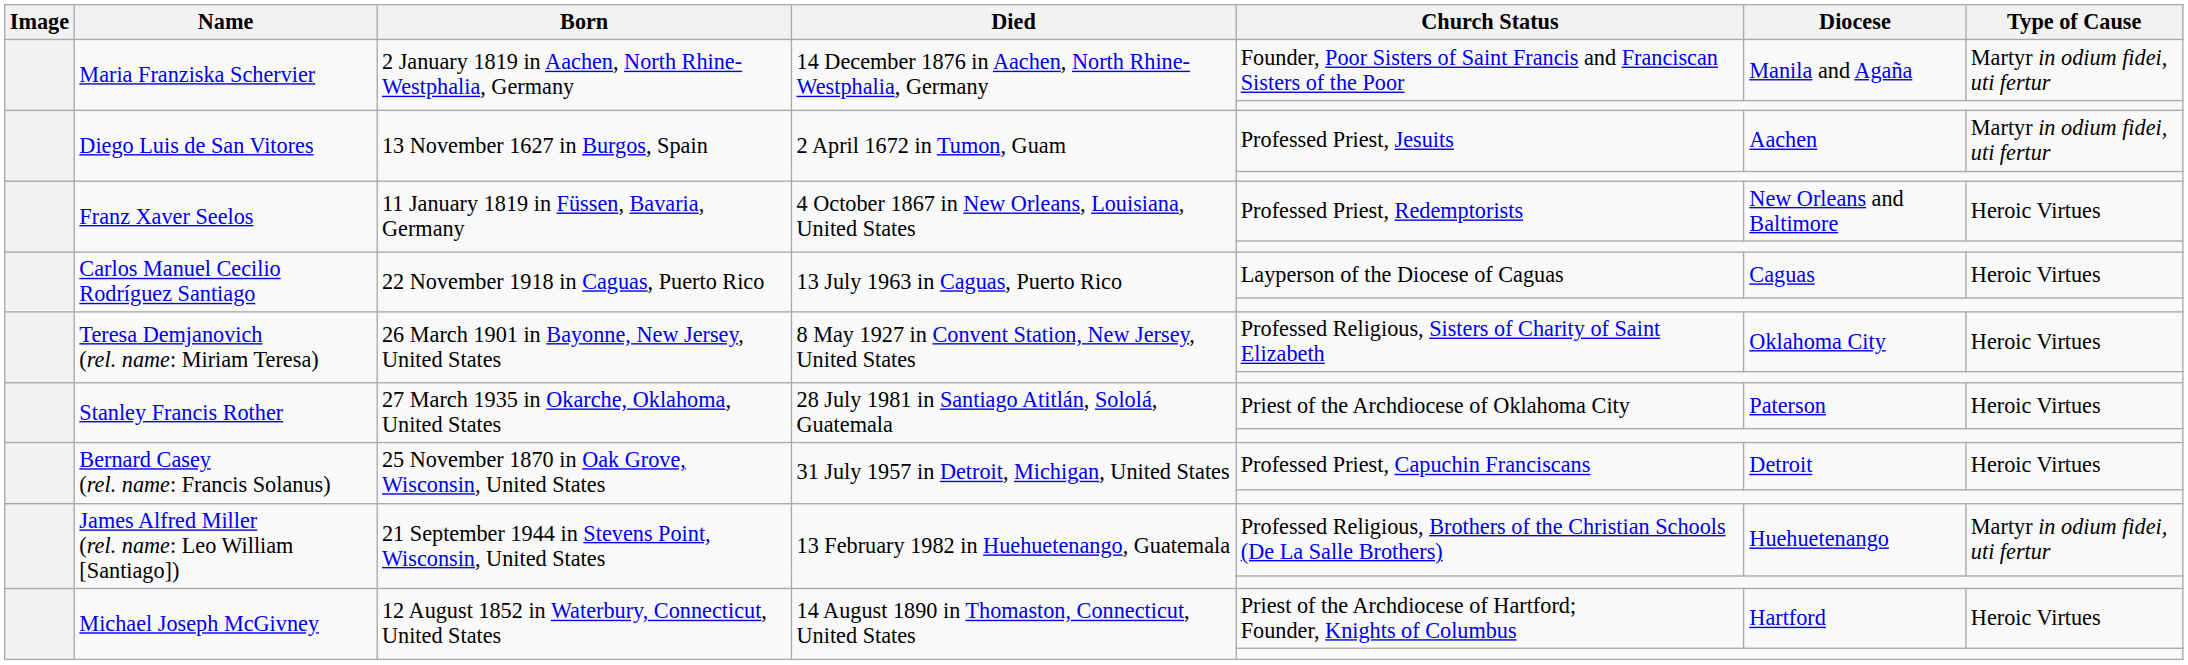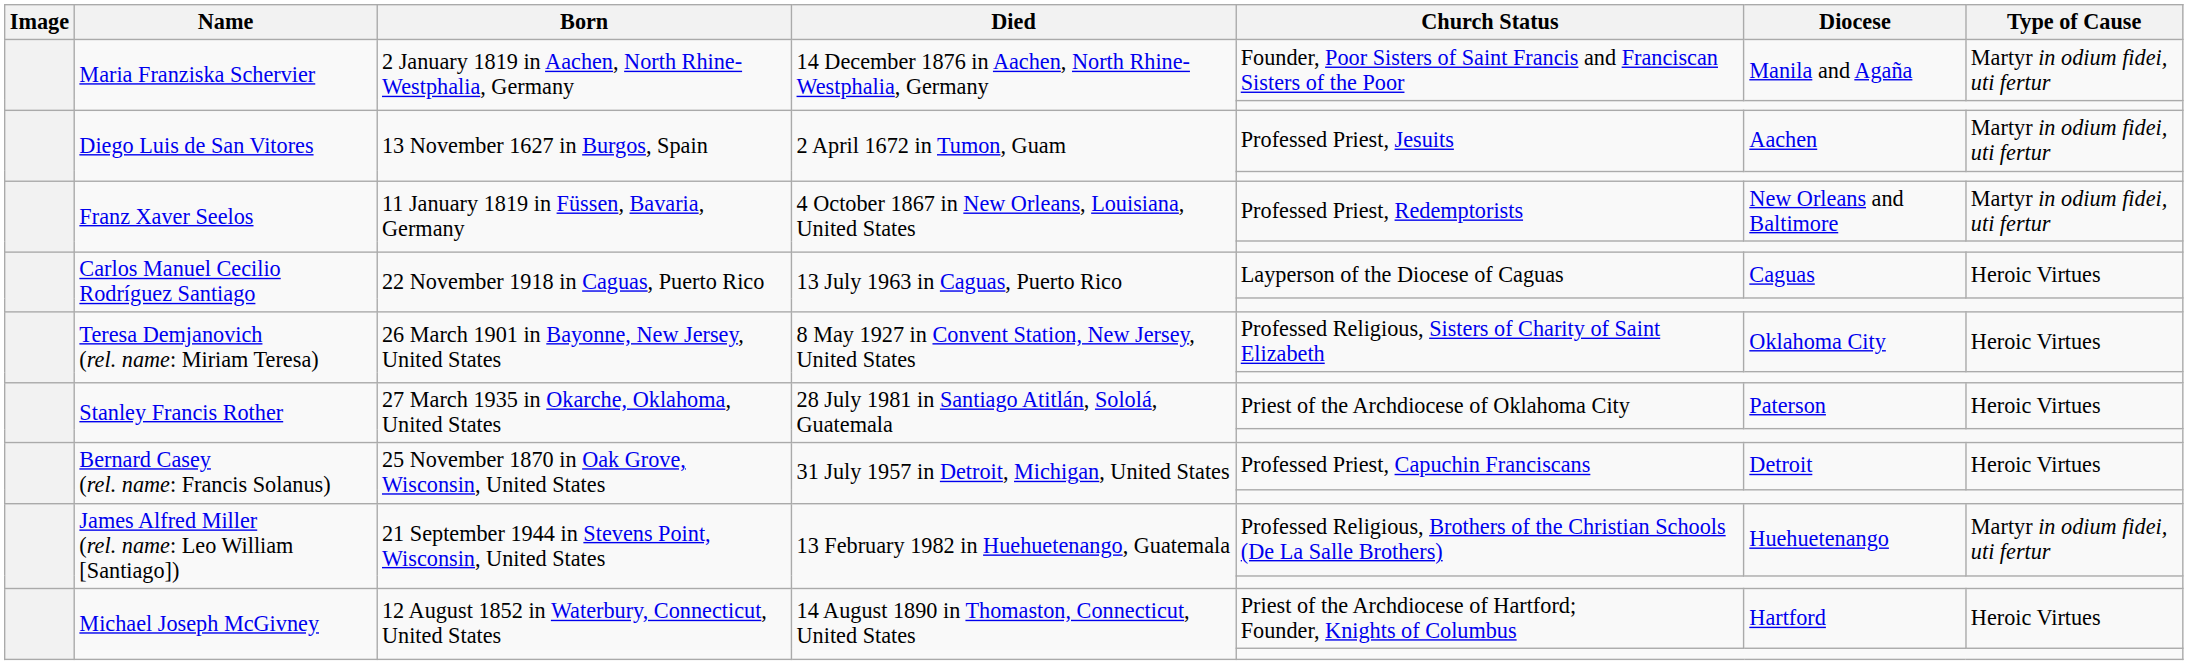 <table class="wikitable">
 <tr>
 <th class="unportable">Image</th>
 <th>Name</th>
 <th>Born</th>
 <th>Died</th>
 <th>Church Status</th>
 <th>Diocese</th>
 <th>Type of Cause</th>
 </tr>
 <tr>
 <th scope="row" rowspan="2"></th>
 <td rowspan="2"><a href='#'>Maria Franziska Schervier</a></td>
 <td rowspan="2">2 January 1819 in <a href='#'>Aachen</a>, <a href='#'>North Rhine-Westphalia</a>, Germany</td>
 <td rowspan="2">14 December 1876 in <a href='#'>Aachen</a>, <a href='#'>North Rhine-Westphalia</a>, Germany</td>
 <td>Founder, <a href='#'>Poor Sisters of Saint Francis</a> and <a href='#'>Franciscan Sisters of the Poor</a></td>
 <td><a href='#'>Manila</a> and <a href='#'>Agaña</a></td>
 <td>Martyr <em>in odium fidei, uti fertur</em></td>
 </tr>
 <tr>
 <td colspan="3"></td>
 </tr>
 <tr>
 <th scope="row" rowspan="2"></th>
 <td rowspan="2"><a href='#'>Diego Luis de San Vitores</a></td>
 <td rowspan="2">13 November 1627 in <a href='#'>Burgos</a>, Spain</td>
 <td rowspan="2">2 April 1672 in <a href='#'>Tumon</a>, Guam</td>
 <td>Professed Priest, <a href='#'>Jesuits</a></td>
 <td><a href='#'>Aachen</a></td>
 <td>Martyr <em>in odium fidei, uti fertur</em></td>
 </tr>
 <tr>
 <td colspan="3"></td>
 </tr>
 <tr>
 <th scope="row" rowspan="2"></th>
 <td rowspan="2"><a href='#'>Franz Xaver Seelos</a></td>
 <td rowspan="2">11 January 1819 in <a href='#'>Füssen</a>, <a href='#'>Bavaria</a>, Germany</td>
 <td rowspan="2">4 October 1867 in <a href='#'>New Orleans</a>, <a href='#'>Louisiana</a>, United States</td>
 <td>Professed Priest, <a href='#'>Redemptorists</a></td>
 <td><a href='#'>New Orleans</a> and <a href='#'>Baltimore</a></td>
-<td>Heroic Virtues</td>
+<td>Martyr <em>in odium fidei, uti fertur</em></td>
 </tr>
 <tr>
 <td colspan="3"></td>
 </tr>
 <tr>
 <th scope="row" rowspan="2"></th>
 <td rowspan="2"><a href='#'>Carlos Manuel Cecilio Rodríguez Santiago</a></td>
 <td rowspan="2">22 November 1918 in <a href='#'>Caguas</a>, Puerto Rico</td>
 <td rowspan="2">13 July 1963 in <a href='#'>Caguas</a>, Puerto Rico</td>
 <td>Layperson of the Diocese of Caguas</td>
 <td><a href='#'>Caguas</a></td>
 <td>Heroic Virtues</td>
 </tr>
 <tr>
 <td colspan="3"></td>
 </tr>
 <tr>
 <th scope="row" rowspan="2"></th>
 <td rowspan="2"><a href='#'>Teresa Demjanovich</a> <br>(<em>rel. name</em>: Miriam Teresa)</td>
 <td rowspan="2">26 March 1901 in <a href='#'>Bayonne, New Jersey</a>, United States</td>
 <td rowspan="2">8 May 1927 in <a href='#'>Convent Station, New Jersey</a>, United States</td>
 <td>Professed Religious, <a href='#'>Sisters of Charity of Saint Elizabeth</a></td>
 <td><a href='#'>Oklahoma City</a></td>
 <td>Heroic Virtues</td>
 </tr>
 <tr>
 <td colspan="3"></td>
 </tr>
 <tr>
 <th scope="row" rowspan="2"></th>
 <td rowspan="2"><a href='#'>Stanley Francis Rother</a></td>
 <td rowspan="2">27 March 1935 in <a href='#'>Okarche, Oklahoma</a>, United States</td>
 <td rowspan="2">28 July 1981 in <a href='#'>Santiago Atitlán</a>, <a href='#'>Sololá</a>, Guatemala</td>
 <td>Priest of the Archdiocese of Oklahoma City</td>
 <td><a href='#'>Paterson</a></td>
 <td>Heroic Virtues</td>
 </tr>
 <tr>
 <td colspan="3"></td>
 </tr>
 <tr>
 <th scope="row" rowspan="2"></th>
 <td rowspan="2"><a href='#'>Bernard Casey</a> <br>(<em>rel. name</em>: Francis Solanus)</td>
 <td rowspan="2">25 November 1870 in <a href='#'>Oak Grove, Wisconsin</a>, United States</td>
 <td rowspan="2">31 July 1957 in <a href='#'>Detroit</a>, <a href='#'>Michigan</a>, United States</td>
 <td>Professed Priest, <a href='#'>Capuchin Franciscans</a></td>
 <td><a href='#'>Detroit</a></td>
 <td>Heroic Virtues</td>
 </tr>
 <tr>
 <td colspan="3"></td>
 </tr>
 <tr>
 <th scope="row" rowspan="2"></th>
 <td rowspan="2"><a href='#'>James Alfred Miller</a> <br>(<em>rel. name</em>: Leo William [Santiago])</td>
 <td rowspan="2">21 September 1944 in <a href='#'>Stevens Point, Wisconsin</a>, United States</td>
 <td rowspan="2">13 February 1982 in <a href='#'>Huehuetenango</a>, Guatemala</td>
 <td>Professed Religious, <a href='#'>Brothers of the Christian Schools (De La Salle Brothers)</a></td>
 <td><a href='#'>Huehuetenango</a></td>
 <td>Martyr <em>in odium fidei, uti fertur</em></td>
 </tr>
 <tr>
 <td colspan="3"></td>
 </tr>
 <tr>
 <th scope="row" rowspan="2"></th>
 <td rowspan="2"><a href='#'>Michael Joseph McGivney</a></td>
 <td rowspan="2">12 August 1852 in <a href='#'>Waterbury, Connecticut</a>, United States</td>
 <td rowspan="2">14 August 1890 in <a href='#'>Thomaston, Connecticut</a>, United States</td>
 <td>Priest of the Archdiocese of Hartford;<br>Founder, <a href='#'>Knights of Columbus</a></td>
 <td><a href='#'>Hartford</a></td>
 <td>Heroic Virtues</td>
 </tr>
 <tr>
 <td colspan="3"></td>
 </tr>
 </table>
